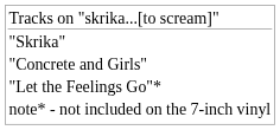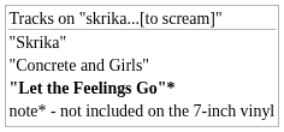 <table style="border:1px solid darkgrey;">
 <tr>
 <td style="border-bottom:1px solid darkgrey;">Tracks on "skrika...[to scream]"</td>
 </tr>
 <tr>
 <td>"Skrika"</td>
 </tr>
 <tr>
 <td>"Concrete and Girls"</td>
 </tr>
 <tr>
-<td>"Let the Feelings Go"*</td>
+<td><strong>"Let the Feelings Go"*</strong></td>
 </tr>
 <tr>
 <td>note* - not included on the 7-inch vinyl</td>
 </tr>
 <tr>
 </tr>
 </table>
